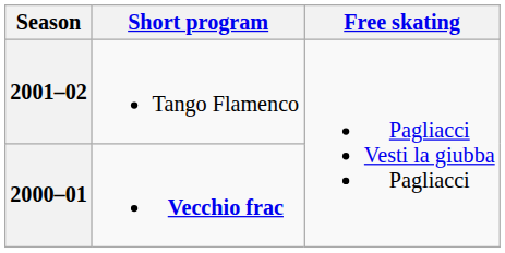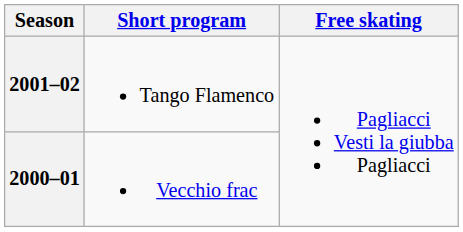 <table class=wikitable style=text-align:center>
 <tr>
 <th>Season</th>
 <th><a href='#'>Short program</a></th>
 <th><a href='#'>Free skating</a></th>
 </tr>
 <tr>
 <th>2001–02 <br> </th>
 <td><br><ul><li>Tango Flamenco <br></li></ul></td>
 <td rowspan=2><br><ul><li><a href='#'>Pagliacci</a> <br></li><li><a href='#'>Vesti la giubba</a> <br></li><li>Pagliacci <br></li></ul></td>
 </tr>
 <tr>
 <th>2000–01 <br> </th>
-<td><strong><br><ul><li><a href='#'>Vecchio frac</a> <br></li></ul></strong></td>
+<td><br><ul><li><a href='#'>Vecchio frac</a> <br></li></ul></td>
 </tr>
 </table>
